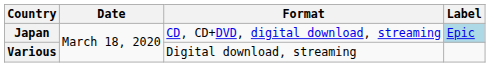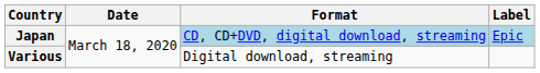 <table class="wikitable plainrowheaders">
 <tr>
 <th scope="col">Country</th>
 <th scope="col">Date</th>
 <th scope="col">Format</th>
 <th scope="col">Label</th>
 </tr>
 <tr>
 <th scope="row">Japan</th>
 <td rowspan=2>March 18, 2020</td>
-<td><a href='#'>CD</a>, CD+<a href='#'>DVD</a>, <a href='#'>digital download</a>, <a href='#'>streaming</a></td>
+<td style="background: lightblue;"><a href='#'>CD</a>, CD+<a href='#'>DVD</a>, <a href='#'>digital download</a>, <a href='#'>streaming</a></td>
 <td style="background: lightblue;"><a href='#'>Epic</a></td>
 </tr>
 <tr>
 <th scope="row">Various</th>
 <td rowspan=2>Digital download, streaming</td>
 <td></td>
 </tr>
 </table>
